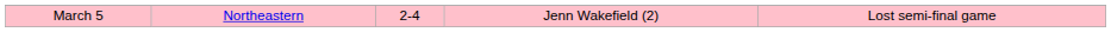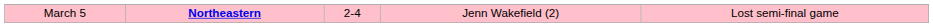 <table class="wikitable" width="80%">
 <tr align="center">
 </tr>
 <tr align="center" bgcolor="pink">
 <td>March 5</td>
-<td><a href='#'>Northeastern</a></td>
+<td><strong><a href='#'>Northeastern</a></strong></td>
 <td>2-4</td>
 <td>Jenn Wakefield (2)</td>
 <td>Lost semi-final game</td>
 </tr>
 </table>
